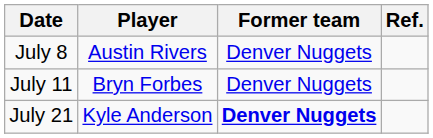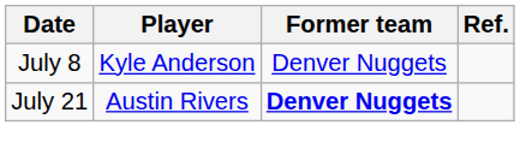 <table class="wikitable sortable sortable" style="text-align: center">
 <tr>
 <th>Date</th>
 <th>Player</th>
 <th>Former team</th>
 <th>Ref.</th>
 </tr>
 <tr>
 <td>July 8</td>
-<td><a href='#'>Austin Rivers</a></td>
-<td><a href='#'>Denver Nuggets</a></td>
-<td></td>
-</tr>
-<tr>
-<td>July 11</td>
-<td><a href='#'>Bryn Forbes</a></td>
+<td><a href='#'>Kyle Anderson</a></td>
 <td><a href='#'>Denver Nuggets</a></td>
 <td></td>
 </tr>
 <tr>
 <td>July 21</td>
-<td><a href='#'>Kyle Anderson</a></td>
+<td><a href='#'>Austin Rivers</a></td>
 <td><strong><a href='#'>Denver Nuggets</a></strong></td>
 <td></td>
 </tr>
 </table>
